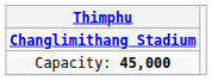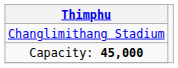 <table class="wikitable" style="text-align:center; margin:0.2em auto;">
 <tr>
 <th><a href='#'>Thimphu</a></th>
 <td rowspan="4"></td>
 </tr>
 <tr>
-<td><strong><a href='#'>Changlimithang Stadium</a></strong></td>
+<td><a href='#'>Changlimithang Stadium</a></td>
 </tr>
 <tr>
 <td>Capacity: <strong>45,000</strong></td>
 </tr>
 <tr>
 </tr>
 </table>
